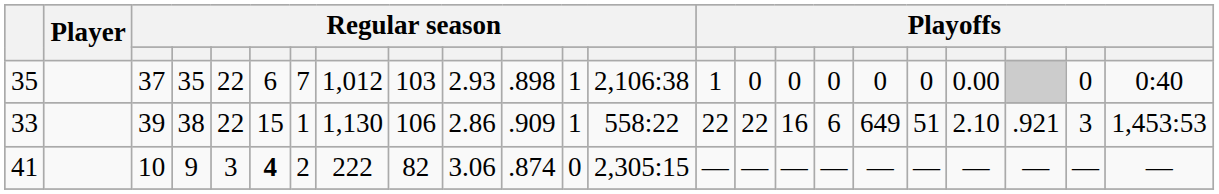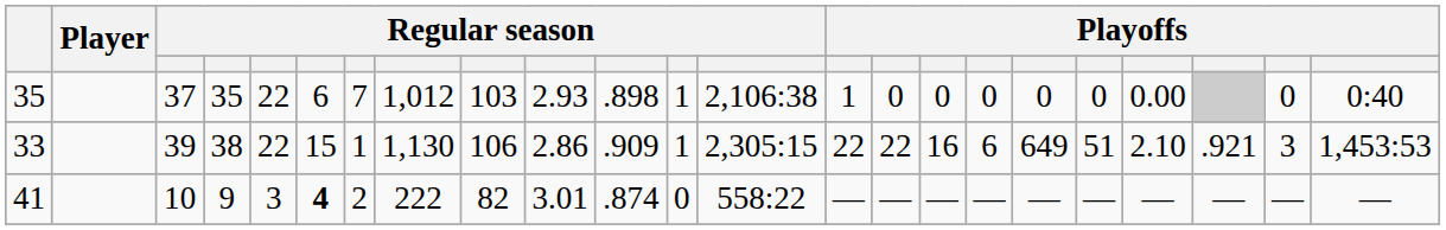 <table class="wikitable plainrowheaders" style="text-align:center;">
 <tr>
 <th scope="col" rowspan="2"></th>
 <th scope="col" rowspan="2">Player</th>
 <th scope=colgroup colspan=11>Regular season</th>
 <th scope=colgroup colspan=10>Playoffs</th>
 </tr>
 <tr>
 <th scope="col"></th>
 <th scope="col"></th>
 <th scope="col"></th>
 <th scope="col"></th>
 <th scope="col"></th>
 <th scope="col"></th>
 <th scope="col"></th>
 <th scope="col"></th>
 <th scope="col"></th>
 <th scope="col"></th>
 <th scope="col"></th>
 <th scope="col"></th>
 <th scope="col"></th>
 <th scope="col"></th>
 <th scope="col"></th>
 <th scope="col"></th>
 <th scope="col"></th>
 <th scope="col"></th>
 <th scope="col"></th>
 <th scope="col"></th>
 <th scope="col"></th>
 </tr>
 <tr>
 <td scope="row">35</td>
 <td align="left"></td>
 <td>37</td>
 <td>35</td>
 <td>22</td>
 <td>6</td>
 <td>7</td>
 <td>1,012</td>
 <td>103</td>
 <td>2.93</td>
 <td>.898</td>
 <td>1</td>
 <td>2,106:38</td>
 <td>1</td>
 <td>0</td>
 <td>0</td>
 <td>0</td>
 <td>0</td>
 <td>0</td>
 <td>0.00</td>
 <td style="background:#ccc"></td>
 <td>0</td>
 <td>0:40</td>
 </tr>
 <tr>
 <td scope="row">33</td>
 <td align="left"></td>
 <td>39</td>
 <td>38</td>
 <td>22</td>
 <td>15</td>
 <td>1</td>
 <td>1,130</td>
 <td>106</td>
 <td>2.86</td>
 <td>.909</td>
 <td>1</td>
-<td>558:22</td>
+<td>2,305:15</td>
 <td>22</td>
 <td>22</td>
 <td>16</td>
 <td>6</td>
 <td>649</td>
 <td>51</td>
 <td>2.10</td>
 <td>.921</td>
 <td>3</td>
 <td>1,453:53</td>
 </tr>
 <tr>
 <td scope="row">41</td>
 <td align="left"></td>
 <td>10</td>
 <td>9</td>
 <td>3</td>
 <td><strong>4</strong></td>
 <td>2</td>
 <td>222</td>
 <td>82</td>
-<td>3.06</td>
+<td>3.01</td>
 <td>.874</td>
 <td>0</td>
-<td>2,305:15</td>
+<td>558:22</td>
 <td>—</td>
 <td>—</td>
 <td>—</td>
 <td>—</td>
 <td>—</td>
 <td>—</td>
 <td>—</td>
 <td>—</td>
 <td>—</td>
 <td>—</td>
 </tr>
 </table>
